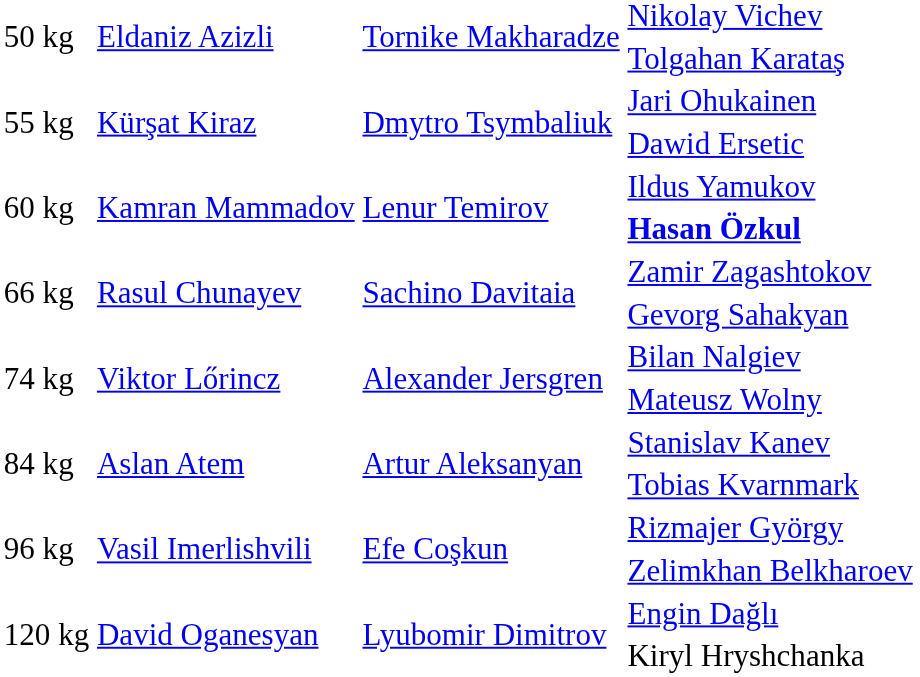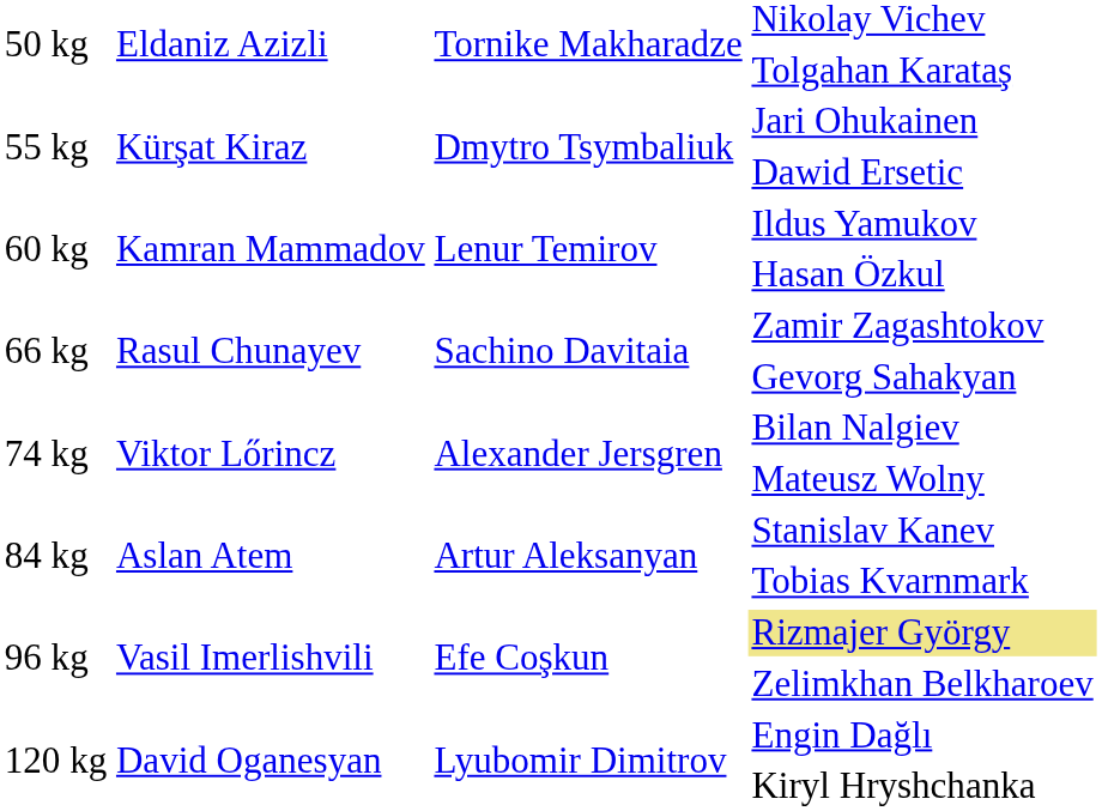 <table>
 <tr>
 <td rowspan=2>50 kg</td>
 <td rowspan=2> <a href='#'>Eldaniz Azizli</a></td>
 <td rowspan=2> <a href='#'>Tornike Makharadze</a></td>
 <td> <a href='#'>Nikolay Vichev</a></td>
 </tr>
 <tr>
 <td> <a href='#'>Tolgahan Karataş</a></td>
 </tr>
 <tr>
 <td rowspan=2>55 kg</td>
 <td rowspan=2> <a href='#'>Kürşat Kiraz</a></td>
 <td rowspan=2> <a href='#'>Dmytro Tsymbaliuk</a></td>
 <td> <a href='#'>Jari Ohukainen</a></td>
 </tr>
 <tr>
 <td> <a href='#'>Dawid Ersetic</a></td>
 </tr>
 <tr>
 <td rowspan=2>60 kg</td>
 <td rowspan=2> <a href='#'>Kamran Mammadov</a></td>
 <td rowspan=2> <a href='#'>Lenur Temirov</a></td>
 <td> <a href='#'>Ildus Yamukov</a></td>
 </tr>
 <tr>
-<td><strong> <a href='#'>Hasan Özkul</a></strong></td>
+<td> <a href='#'>Hasan Özkul</a></td>
 </tr>
 <tr>
 <td rowspan=2>66 kg</td>
 <td rowspan=2> <a href='#'>Rasul Chunayev</a></td>
 <td rowspan=2> <a href='#'>Sachino Davitaia</a></td>
 <td> <a href='#'>Zamir Zagashtokov</a></td>
 </tr>
 <tr>
 <td> <a href='#'>Gevorg Sahakyan</a></td>
 </tr>
 <tr>
 <td rowspan=2>74 kg</td>
 <td rowspan=2> <a href='#'>Viktor Lőrincz</a></td>
 <td rowspan=2> <a href='#'>Alexander Jersgren</a></td>
 <td> <a href='#'>Bilan Nalgiev</a></td>
 </tr>
 <tr>
 <td> <a href='#'>Mateusz Wolny</a></td>
 </tr>
 <tr>
 <td rowspan=2>84 kg</td>
 <td rowspan=2> <a href='#'>Aslan Atem</a></td>
 <td rowspan=2> <a href='#'>Artur Aleksanyan</a></td>
 <td> <a href='#'>Stanislav Kanev</a></td>
 </tr>
 <tr>
 <td> <a href='#'>Tobias Kvarnmark</a></td>
 </tr>
 <tr>
 <td rowspan=2>96 kg</td>
 <td rowspan=2> <a href='#'>Vasil Imerlishvili</a></td>
 <td rowspan=2> <a href='#'>Efe Coşkun</a></td>
-<td> <a href='#'>Rizmajer György</a></td>
+<td style="background: khaki;"> <a href='#'>Rizmajer György</a></td>
 </tr>
 <tr>
 <td> <a href='#'>Zelimkhan Belkharoev</a></td>
 </tr>
 <tr>
 <td rowspan=2>120 kg</td>
 <td rowspan=2> <a href='#'>David Oganesyan</a></td>
 <td rowspan=2> <a href='#'>Lyubomir Dimitrov</a></td>
 <td> <a href='#'>Engin Dağlı</a></td>
 </tr>
 <tr>
 <td> Kiryl Hryshchanka</td>
 </tr>
 </table>
